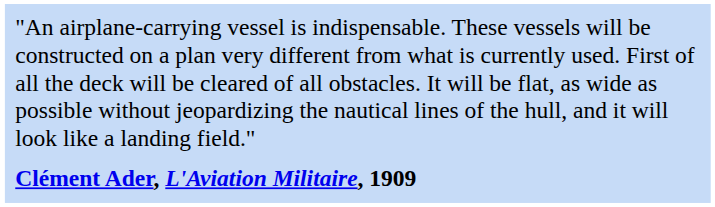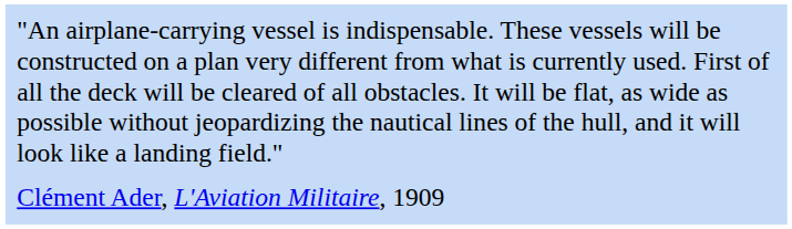 <table class="toccolours" style="float:right; margin-left:1em; margin-right:0; font-size:85%; background:#c6dbf7; color:black; width:30em; max-width:40%;" cellspacing="5">
 <tr>
 <td style="text-align: left;">"An airplane-carrying vessel is indispensable. These vessels will be constructed on a plan very different from what is currently used. First of all the deck will be cleared of all obstacles. It will be flat, as wide as possible without jeopardizing the nautical lines of the hull, and it will look like a landing field."</td>
 </tr>
 <tr>
-<td style="text-align: left;"><strong><a href='#'>Clément Ader</a>, <em><a href='#'>L'Aviation Militaire</a></em>, 1909</strong></td>
+<td style="text-align: left;"><a href='#'>Clément Ader</a>, <em><a href='#'>L'Aviation Militaire</a></em>, 1909</td>
 </tr>
 </table>
